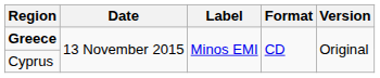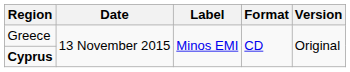 <table class="sortable wikitable">
 <tr>
 <th>Region</th>
 <th>Date</th>
 <th>Label</th>
 <th>Format</th>
 <th>Version</th>
 </tr>
 <tr>
-<td><strong>Greece</strong></td>
+<td>Greece</td>
 <td rowspan="2">13 November 2015</td>
 <td rowspan="2"><a href='#'>Minos EMI</a></td>
 <td rowspan="2"><a href='#'>CD</a></td>
 <td rowspan="2">Original</td>
 </tr>
 <tr>
-<td>Cyprus</td>
+<td><strong>Cyprus</strong></td>
 </tr>
 </table>
